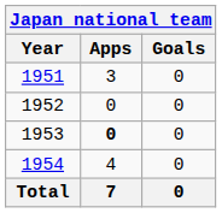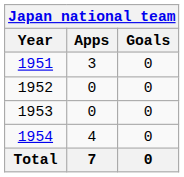 <table class="wikitable" style="text-align:center">
 <tr>
 <th colspan=3><a href='#'>Japan national team</a></th>
 </tr>
 <tr>
 <th>Year</th>
 <th>Apps</th>
 <th>Goals</th>
 </tr>
 <tr>
 <td><a href='#'>1951</a></td>
 <td>3</td>
 <td>0</td>
 </tr>
 <tr>
 <td>1952</td>
 <td>0</td>
 <td>0</td>
 </tr>
 <tr>
 <td>1953</td>
-<td><strong>0</strong></td>
+<td>0</td>
 <td>0</td>
 </tr>
 <tr>
 <td><a href='#'>1954</a></td>
 <td>4</td>
 <td>0</td>
 </tr>
 <tr>
 <th>Total</th>
 <th>7</th>
 <th>0</th>
 </tr>
 </table>
